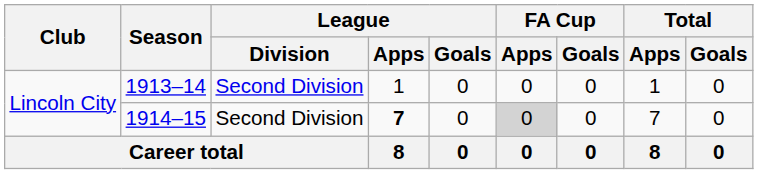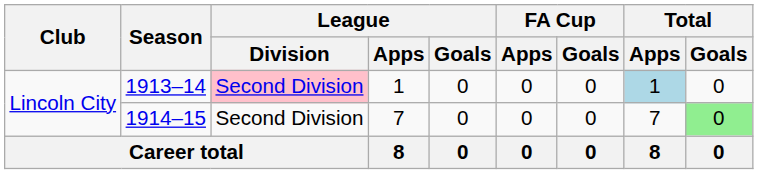 <table class="wikitable" style="text-align: center;">
 <tr>
 <th rowspan="2">Club</th>
 <th rowspan="2">Season</th>
 <th colspan="3">League</th>
 <th colspan="2">FA Cup</th>
 <th colspan="2">Total</th>
 </tr>
 <tr>
 <th>Division</th>
 <th>Apps</th>
 <th>Goals</th>
 <th>Apps</th>
 <th>Goals</th>
 <th>Apps</th>
 <th>Goals</th>
 </tr>
 <tr>
 <td rowspan="2"><a href='#'>Lincoln City</a></td>
 <td><a href='#'>1913–14</a></td>
-<td><a href='#'>Second Division</a></td>
+<td style="background: pink;"><a href='#'>Second Division</a></td>
 <td>1</td>
 <td>0</td>
 <td>0</td>
 <td>0</td>
-<td>1</td>
+<td style="background: lightblue;">1</td>
 <td>0</td>
 </tr>
 <tr>
 <td><a href='#'>1914–15</a></td>
 <td>Second Division</td>
-<td><strong>7</strong></td>
+<td>7</td>
 <td>0</td>
-<td style="background: lightgrey;">0</td>
+<td>0</td>
 <td>0</td>
 <td>7</td>
-<td>0</td>
+<td style="background: lightgreen;">0</td>
 </tr>
 <tr>
 <th colspan="3">Career total</th>
 <th>8</th>
 <th>0</th>
 <th>0</th>
 <th>0</th>
 <th>8</th>
 <th>0</th>
 </tr>
 </table>
